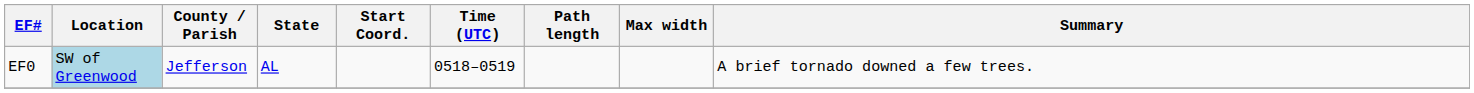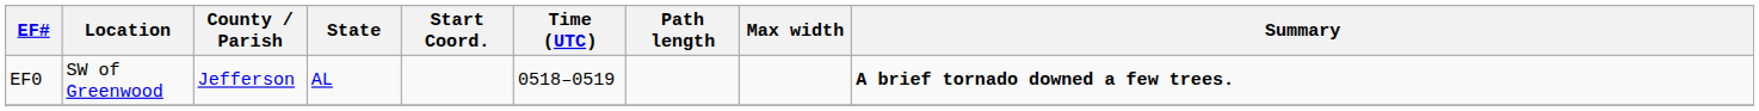 <table class="wikitable sortable" style="width:100%;">
 <tr>
 <th scope="col" width="3%" align="center"><a href='#'>EF#</a></th>
 <th scope="col" width="7%" align="center" class="unsortable">Location</th>
 <th scope="col" width="6%" align="center" class="unsortable">County / Parish</th>
 <th scope="col" width="5%" align="center">State</th>
 <th scope="col" width="6%" align="center">Start Coord.</th>
 <th scope="col" width="6%" align="center">Time (<a href='#'>UTC</a>)</th>
 <th scope="col" width="6%" align="center">Path length</th>
 <th scope="col" width="6%" align="center">Max width</th>
 <th scope="col" width="48%" class="unsortable" align="center">Summary</th>
 </tr>
 <tr>
 <td>EF0</td>
-<td style="background: lightblue;">SW of <a href='#'>Greenwood</a></td>
+<td>SW of <a href='#'>Greenwood</a></td>
 <td><a href='#'>Jefferson</a></td>
 <td><a href='#'>AL</a></td>
 <td></td>
 <td>0518–0519</td>
 <td></td>
 <td></td>
-<td>A brief tornado downed a few trees.</td>
+<td><strong>A brief tornado downed a few trees.</strong></td>
 </tr>
 <tr>
 </tr>
 </table>
